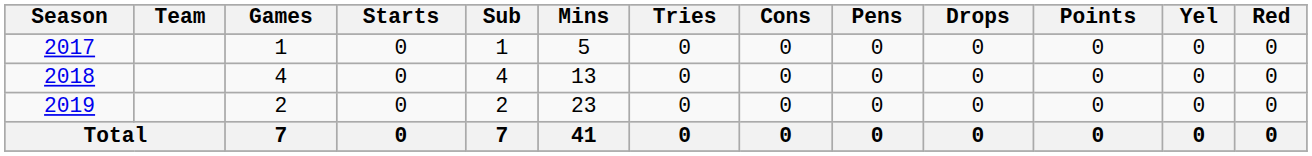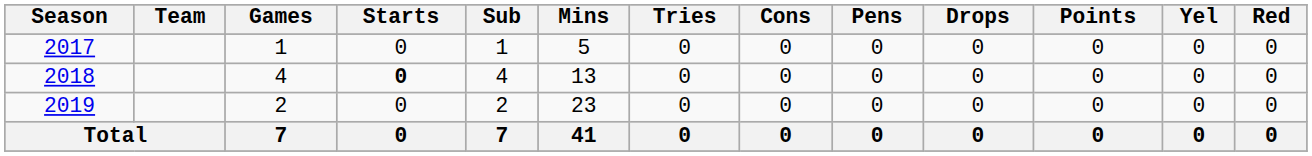 <table class="wikitable" style="text-align:center; line-height:90%; font-size:95%; width:60%;">
 <tr>
 <th>Season</th>
 <th>Team</th>
 <th>Games</th>
 <th>Starts</th>
 <th>Sub</th>
 <th>Mins</th>
 <th>Tries</th>
 <th>Cons</th>
 <th>Pens</th>
 <th>Drops</th>
 <th>Points</th>
 <th>Yel</th>
 <th>Red</th>
 </tr>
 <tr>
 <td><a href='#'>2017</a></td>
 <td></td>
 <td>1</td>
 <td>0</td>
 <td>1</td>
 <td>5</td>
 <td>0</td>
 <td>0</td>
 <td>0</td>
 <td>0</td>
 <td>0</td>
 <td>0</td>
 <td>0</td>
 </tr>
 <tr>
 <td><a href='#'>2018</a></td>
 <td></td>
 <td>4</td>
-<td>0</td>
+<td><strong>0</strong></td>
 <td>4</td>
 <td>13</td>
 <td>0</td>
 <td>0</td>
 <td>0</td>
 <td>0</td>
 <td>0</td>
 <td>0</td>
 <td>0</td>
 </tr>
 <tr>
 <td><a href='#'>2019</a></td>
 <td></td>
 <td>2</td>
 <td>0</td>
 <td>2</td>
 <td>23</td>
 <td>0</td>
 <td>0</td>
 <td>0</td>
 <td>0</td>
 <td>0</td>
 <td>0</td>
 <td>0</td>
 </tr>
 <tr>
 <th colspan="2">Total</th>
 <th>7</th>
 <th>0</th>
 <th>7</th>
 <th>41</th>
 <th>0</th>
 <th>0</th>
 <th>0</th>
 <th>0</th>
 <th>0</th>
 <th>0</th>
 <th>0</th>
 </tr>
 </table>
